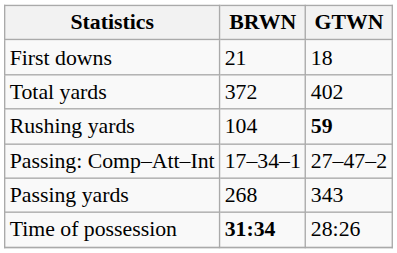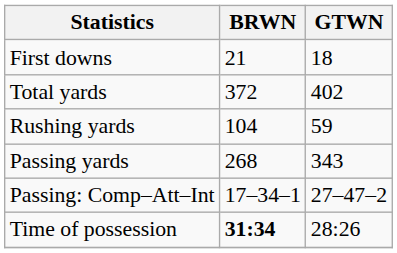 <table class="wikitable" style="float: left;">
 <tr>
 <th>Statistics</th>
 <th>BRWN</th>
 <th>GTWN</th>
 </tr>
 <tr>
 <td>First downs</td>
 <td>21</td>
 <td>18</td>
 </tr>
 <tr>
 <td>Total yards</td>
 <td>372</td>
 <td>402</td>
 </tr>
 <tr>
 <td>Rushing yards</td>
 <td>104</td>
-<td><strong>59</strong></td>
+<td>59</td>
+</tr>
+<tr>
+<td>Passing yards</td>
+<td>268</td>
+<td>343</td>
 </tr>
 <tr>
 <td>Passing: Comp–Att–Int</td>
 <td>17–34–1</td>
 <td>27–47–2</td>
-</tr>
-<tr>
-<td>Passing yards</td>
-<td>268</td>
-<td>343</td>
 </tr>
 <tr>
 <td>Time of possession</td>
 <td><strong>31:34</strong></td>
 <td>28:26</td>
 </tr>
 <tr>
 </tr>
 </table>
